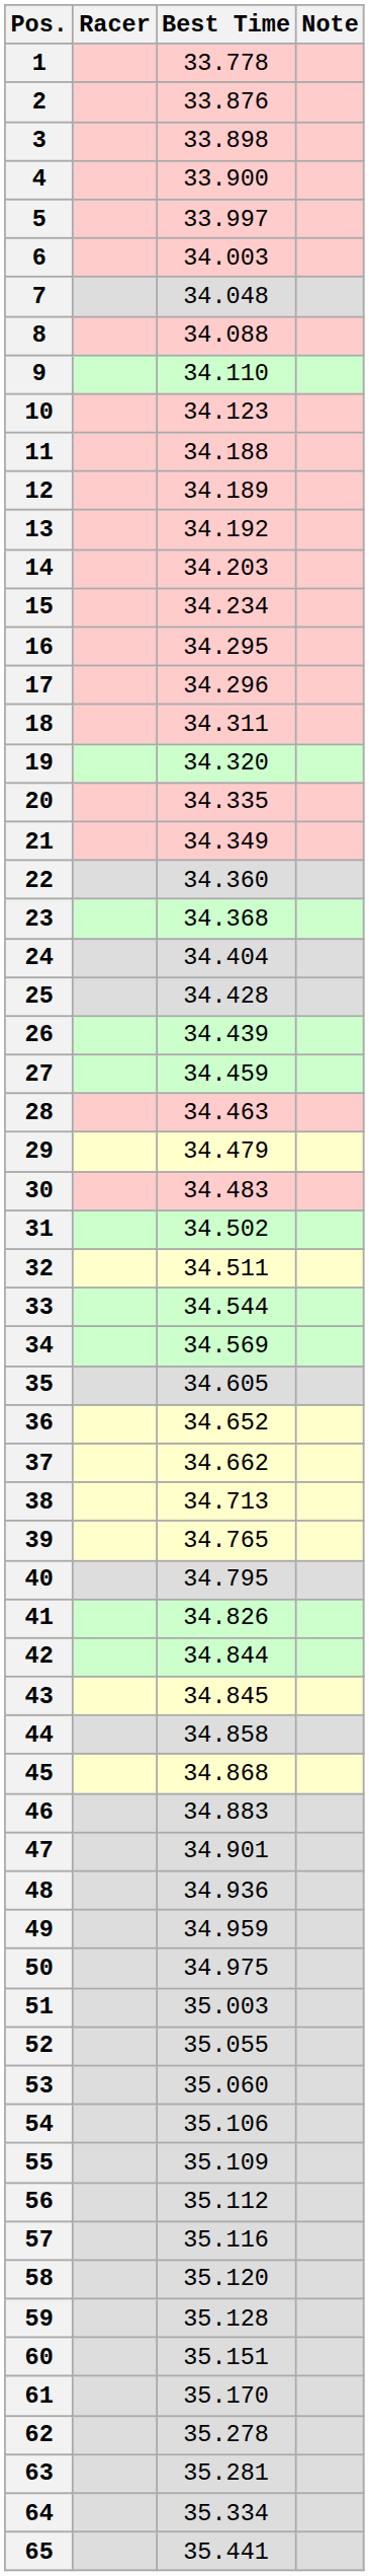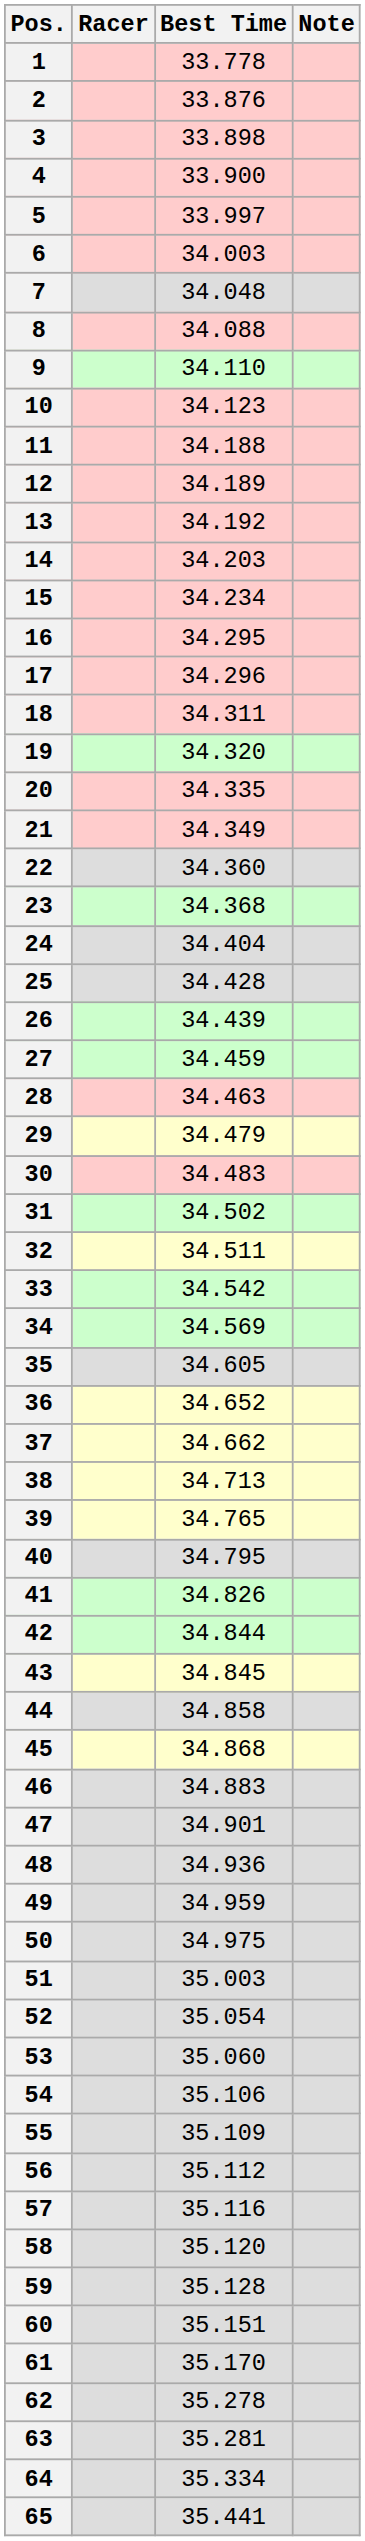 <table class="wikitable sortable plainrowheaders" style="text-align:center;">
 <tr>
 <th scope="col">Pos.</th>
 <th scope="col">Racer</th>
 <th scope="col">Best Time</th>
 <th scope="col">Note</th>
 </tr>
 <tr bgcolor=#ffcccc>
 <th style="text - align:center; ">1</th>
 <td align="left"></td>
 <td>33.778</td>
 <td></td>
 </tr>
 <tr bgcolor=#ffcccc>
 <th style="text - align:center; ">2</th>
 <td align="left"></td>
 <td>33.876</td>
 <td></td>
 </tr>
 <tr bgcolor=#ffcccc>
 <th style="text - align:center; ">3</th>
 <td align="left"></td>
 <td>33.898</td>
 <td></td>
 </tr>
 <tr bgcolor=#ffcccc>
 <th style="text - align:center; ">4</th>
 <td align="left"></td>
 <td>33.900</td>
 <td></td>
 </tr>
 <tr bgcolor=#ffcccc>
 <th style="text - align:center; ">5</th>
 <td align="left"></td>
 <td>33.997</td>
 <td></td>
 </tr>
 <tr bgcolor=#ffcccc>
 <th style="text - align:center; ">6</th>
 <td align="left"></td>
 <td>34.003</td>
 <td></td>
 </tr>
 <tr bgcolor=#dddddd>
 <th style="text - align:center; ">7</th>
 <td align="left"></td>
 <td>34.048</td>
 <td></td>
 </tr>
 <tr bgcolor=#ffcccc>
 <th style="text - align:center; ">8</th>
 <td align="left"></td>
 <td>34.088</td>
 <td></td>
 </tr>
 <tr bgcolor=#ccffcc>
 <th style="text - align:center; ">9</th>
 <td align="left"></td>
 <td>34.110</td>
 <td></td>
 </tr>
 <tr bgcolor=#ffcccc>
 <th style="text - align:center; ">10</th>
 <td align="left"></td>
 <td>34.123</td>
 <td></td>
 </tr>
 <tr bgcolor=#ffcccc>
 <th style="text - align:center; ">11</th>
 <td align="left"></td>
 <td>34.188</td>
 <td></td>
 </tr>
 <tr bgcolor=#ffcccc>
 <th style="text - align:center; ">12</th>
 <td align="left"></td>
 <td>34.189</td>
 <td></td>
 </tr>
 <tr bgcolor=#ffcccc>
 <th style="text - align:center; ">13</th>
 <td align="left"></td>
 <td>34.192</td>
 <td></td>
 </tr>
 <tr bgcolor=#ffcccc>
 <th style="text - align:center; ">14</th>
 <td align="left"></td>
 <td>34.203</td>
 <td></td>
 </tr>
 <tr bgcolor=#ffcccc>
 <th style="text - align:center; ">15</th>
 <td align="left"></td>
 <td>34.234</td>
 <td></td>
 </tr>
 <tr bgcolor=#ffcccc>
 <th style="text - align:center; ">16</th>
 <td align="left"></td>
 <td>34.295</td>
 <td></td>
 </tr>
 <tr bgcolor=#ffcccc>
 <th style="text - align:center; ">17</th>
 <td align="left"></td>
 <td>34.296</td>
 <td></td>
 </tr>
 <tr bgcolor=#ffcccc>
 <th style="text - align:center; ">18</th>
 <td align="left"></td>
 <td>34.311</td>
 <td></td>
 </tr>
 <tr bgcolor=#ccffcc>
 <th style="text - align:center; ">19</th>
 <td align="left"></td>
 <td>34.320</td>
 <td></td>
 </tr>
 <tr bgcolor=#ffcccc>
 <th style="text - align:center; ">20</th>
 <td align="left"></td>
 <td>34.335</td>
 <td></td>
 </tr>
 <tr bgcolor=#ffcccc>
 <th style="text - align:center; ">21</th>
 <td align="left"></td>
 <td>34.349</td>
 <td></td>
 </tr>
 <tr bgcolor=#dddddd>
 <th style="text - align:center; ">22</th>
 <td align="left"></td>
 <td>34.360</td>
 <td></td>
 </tr>
 <tr bgcolor=#ccffcc>
 <th style="text - align:center; ">23</th>
 <td align="left"></td>
 <td>34.368</td>
 <td></td>
 </tr>
 <tr bgcolor=#dddddd>
 <th style="text - align:center; ">24</th>
 <td align="left"></td>
 <td>34.404</td>
 <td></td>
 </tr>
 <tr bgcolor=#dddddd>
 <th style="text - align:center; ">25</th>
 <td align="left"></td>
 <td>34.428</td>
 <td></td>
 </tr>
 <tr bgcolor=#ccffcc>
 <th style="text - align:center; ">26</th>
 <td align="left"></td>
 <td>34.439</td>
 <td></td>
 </tr>
 <tr bgcolor=#ccffcc>
 <th style="text - align:center; ">27</th>
 <td align="left"></td>
 <td>34.459</td>
 <td></td>
 </tr>
 <tr bgcolor=#ffcccc>
 <th style="text - align:center; ">28</th>
 <td align="left"></td>
 <td>34.463</td>
 <td></td>
 </tr>
 <tr bgcolor=#ffffcc>
 <th style="text - align:center; ">29</th>
 <td align="left"></td>
 <td>34.479</td>
 <td></td>
 </tr>
 <tr bgcolor=#ffcccc>
 <th style="text - align:center; ">30</th>
 <td align="left"></td>
 <td>34.483</td>
 <td></td>
 </tr>
 <tr bgcolor=#ccffcc>
 <th style="text - align:center; ">31</th>
 <td align="left"></td>
 <td>34.502</td>
 <td></td>
 </tr>
 <tr bgcolor=#ffffcc>
 <th style="text - align:center; ">32</th>
 <td align="left"></td>
 <td>34.511</td>
 <td></td>
 </tr>
 <tr bgcolor=#ccffcc>
 <th style="text - align:center; ">33</th>
 <td align="left"></td>
-<td>34.544</td>
+<td>34.542</td>
 <td></td>
 </tr>
 <tr bgcolor=#ccffcc>
 <th style="text - align:center; ">34</th>
 <td align="left"></td>
 <td>34.569</td>
 <td></td>
 </tr>
 <tr bgcolor=#dddddd>
 <th style="text - align:center; ">35</th>
 <td align="left"></td>
 <td>34.605</td>
 <td></td>
 </tr>
 <tr bgcolor=#ffffcc>
 <th style="text - align:center; ">36</th>
 <td align="left"></td>
 <td>34.652</td>
 <td></td>
 </tr>
 <tr bgcolor=#ffffcc>
 <th style="text - align:center; ">37</th>
 <td align="left"></td>
 <td>34.662</td>
 <td></td>
 </tr>
 <tr bgcolor=#ffffcc>
 <th style="text - align:center; ">38</th>
 <td align="left"></td>
 <td>34.713</td>
 <td></td>
 </tr>
 <tr bgcolor=#ffffcc>
 <th style="text - align:center; ">39</th>
 <td align="left"></td>
 <td>34.765</td>
 <td></td>
 </tr>
 <tr bgcolor=#dddddd>
 <th style="text - align:center; ">40</th>
 <td align="left"></td>
 <td>34.795</td>
 <td></td>
 </tr>
 <tr bgcolor=#ccffcc>
 <th style="text - align:center; ">41</th>
 <td align="left"></td>
 <td>34.826</td>
 <td></td>
 </tr>
 <tr bgcolor=#ccffcc>
 <th style="text - align:center; ">42</th>
 <td align="left"></td>
 <td>34.844</td>
 <td></td>
 </tr>
 <tr bgcolor=#ffffcc>
 <th style="text - align:center; ">43</th>
 <td align="left"></td>
 <td>34.845</td>
 <td></td>
 </tr>
 <tr bgcolor=#dddddd>
 <th style="text - align:center; ">44</th>
 <td align="left"></td>
 <td>34.858</td>
 <td></td>
 </tr>
 <tr bgcolor=#ffffcc>
 <th style="text - align:center; ">45</th>
 <td align="left"></td>
 <td>34.868</td>
 <td></td>
 </tr>
 <tr bgcolor=#dddddd>
 <th style="text - align:center; ">46</th>
 <td align="left"></td>
 <td>34.883</td>
 <td></td>
 </tr>
 <tr bgcolor=#dddddd>
 <th style="text - align:center; ">47</th>
 <td align="left"></td>
 <td>34.901</td>
 <td></td>
 </tr>
 <tr bgcolor=#dddddd>
 <th style="text - align:center; ">48</th>
 <td align="left"></td>
 <td>34.936</td>
 <td></td>
 </tr>
 <tr bgcolor=#dddddd>
 <th style="text - align:center; ">49</th>
 <td align="left"></td>
 <td>34.959</td>
 <td></td>
 </tr>
 <tr bgcolor=#dddddd>
 <th style="text - align:center; ">50</th>
 <td align="left"></td>
 <td>34.975</td>
 <td></td>
 </tr>
 <tr bgcolor=#dddddd>
 <th style="text - align:center; ">51</th>
 <td align="left"></td>
 <td>35.003</td>
 <td></td>
 </tr>
 <tr bgcolor=#dddddd>
 <th style="text - align:center; ">52</th>
 <td align="left"></td>
-<td>35.055</td>
+<td>35.054</td>
 <td></td>
 </tr>
 <tr bgcolor=#dddddd>
 <th style="text - align:center; ">53</th>
 <td align="left"></td>
 <td>35.060</td>
 <td></td>
 </tr>
 <tr bgcolor=#dddddd>
 <th style="text - align:center; ">54</th>
 <td align="left"></td>
 <td>35.106</td>
 <td></td>
 </tr>
 <tr bgcolor=#dddddd>
 <th style="text - align:center; ">55</th>
 <td align="left"></td>
 <td>35.109</td>
 <td></td>
 </tr>
 <tr bgcolor=#dddddd>
 <th style="text - align:center; ">56</th>
 <td align="left"></td>
 <td>35.112</td>
 <td></td>
 </tr>
 <tr bgcolor=#dddddd>
 <th style="text - align:center; ">57</th>
 <td align="left"></td>
 <td>35.116</td>
 <td></td>
 </tr>
 <tr bgcolor=#dddddd>
 <th style="text - align:center; ">58</th>
 <td align="left"></td>
 <td>35.120</td>
 <td></td>
 </tr>
 <tr bgcolor=#dddddd>
 <th style="text - align:center; ">59</th>
 <td align="left"></td>
 <td>35.128</td>
 <td></td>
 </tr>
 <tr bgcolor=#dddddd>
 <th style="text - align:center; ">60</th>
 <td align="left"></td>
 <td>35.151</td>
 <td></td>
 </tr>
 <tr bgcolor=#dddddd>
 <th style="text - align:center; ">61</th>
 <td align="left"></td>
 <td>35.170</td>
 <td></td>
 </tr>
 <tr bgcolor=#dddddd>
 <th style="text - align:center; ">62</th>
 <td align="left"></td>
 <td>35.278</td>
 <td></td>
 </tr>
 <tr bgcolor=#dddddd>
 <th style="text - align:center; ">63</th>
 <td align="left"></td>
 <td>35.281</td>
 <td></td>
 </tr>
 <tr bgcolor=#dddddd>
 <th style="text - align:center; ">64</th>
 <td align="left"></td>
 <td>35.334</td>
 <td></td>
 </tr>
 <tr bgcolor=#dddddd>
 <th style="text - align:center; ">65</th>
 <td align="left"></td>
 <td>35.441</td>
 <td></td>
 </tr>
 </table>
